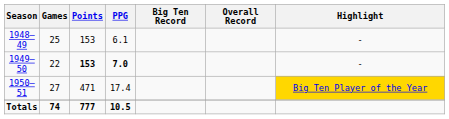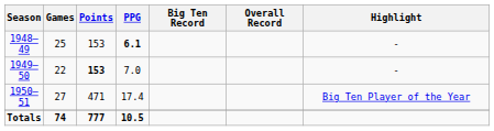 <table class="wikitable sortable" style="text-align:center">
 <tr>
 <th width=40px>Season</th>
 <th width=40px>Games</th>
 <th width=40px><a href='#'>Points</a></th>
 <th width=40px><a href='#'>PPG</a></th>
 <th width=100px>Big Ten <br>Record</th>
 <th width=100px>Overall <br>Record</th>
 <th width=250px>Highlight</th>
 </tr>
 <tr>
 <td><a href='#'>1948–49</a></td>
 <td>25</td>
 <td>153</td>
-<td>6.1</td>
+<td><strong>6.1</strong></td>
 <td></td>
 <td></td>
 <td>-</td>
 </tr>
 <tr>
 <td><a href='#'>1949–50</a></td>
 <td>22</td>
 <td><strong>153</strong></td>
-<td><strong>7.0</strong></td>
+<td>7.0</td>
 <td></td>
 <td></td>
 <td>-</td>
 </tr>
 <tr>
 <td><a href='#'>1950–51</a></td>
 <td>27</td>
 <td>471</td>
 <td>17.4</td>
 <td></td>
 <td></td>
-<td style="background: gold;"><a href='#'>Big Ten Player of the Year</a></td>
+<td><a href='#'>Big Ten Player of the Year</a></td>
 </tr>
 <tr>
 </tr>
 <tr class="sortbottom">
 <td><strong>Totals</strong></td>
 <td><strong>74</strong></td>
 <td><strong>777</strong></td>
 <td><strong>10.5</strong></td>
 <td><strong></strong></td>
 <td><strong></strong></td>
 <td></td>
 </tr>
 </table>
